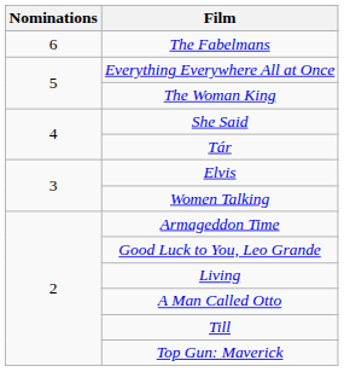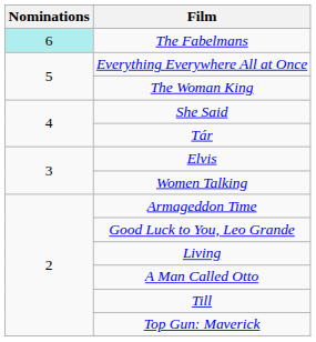 <table class="wikitable plainrowheaders" style="text-align:center;">
 <tr>
 <th scope="col" style="width:55px;">Nominations</th>
 <th scope="col" style="text-align:center;">Film</th>
 </tr>
 <tr>
-<td scope="row" style="text-align:center;">6</td>
+<td scope="row" style="background: paleturquoise; text-align:center;">6</td>
 <td><em><a href='#'>The Fabelmans</a></em></td>
 </tr>
 <tr>
 <td scope="row" rowspan="2" style="text-align:center;">5</td>
 <td><em><a href='#'>Everything Everywhere All at Once</a></em></td>
 </tr>
 <tr>
 <td><em><a href='#'>The Woman King</a></em></td>
 </tr>
 <tr>
 <td scope="row" rowspan="2" style="text-align:center;">4</td>
 <td><em><a href='#'>She Said</a></em></td>
 </tr>
 <tr>
 <td><em><a href='#'>Tár</a></em></td>
 </tr>
 <tr>
 <td scope="row" rowspan="2" style="text-align:center;">3</td>
 <td><em><a href='#'>Elvis</a></em></td>
 </tr>
 <tr>
 <td><em><a href='#'>Women Talking</a></em></td>
 </tr>
 <tr>
 <td scope="row" rowspan="6" style="text-align:center;">2</td>
 <td><em><a href='#'>Armageddon Time</a></em></td>
 </tr>
 <tr>
 <td><em><a href='#'>Good Luck to You, Leo Grande</a></em></td>
 </tr>
 <tr>
 <td><em><a href='#'>Living</a></em></td>
 </tr>
 <tr>
 <td><em><a href='#'>A Man Called Otto</a></em></td>
 </tr>
 <tr>
 <td><em><a href='#'>Till</a></em></td>
 </tr>
 <tr>
 <td><em><a href='#'>Top Gun: Maverick</a></em></td>
 </tr>
 </table>
